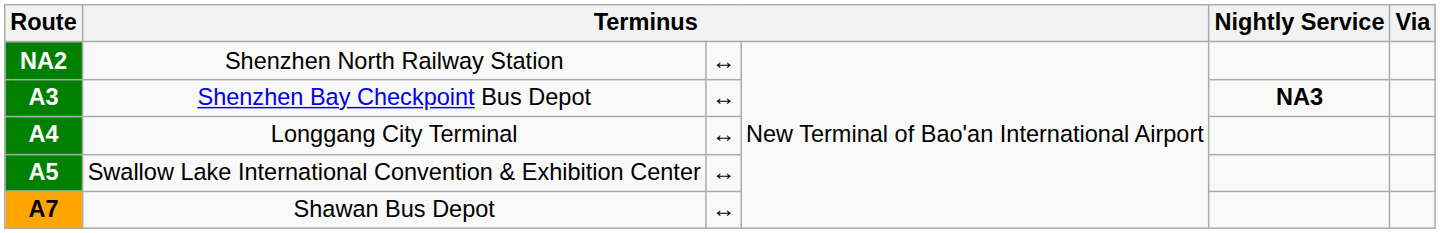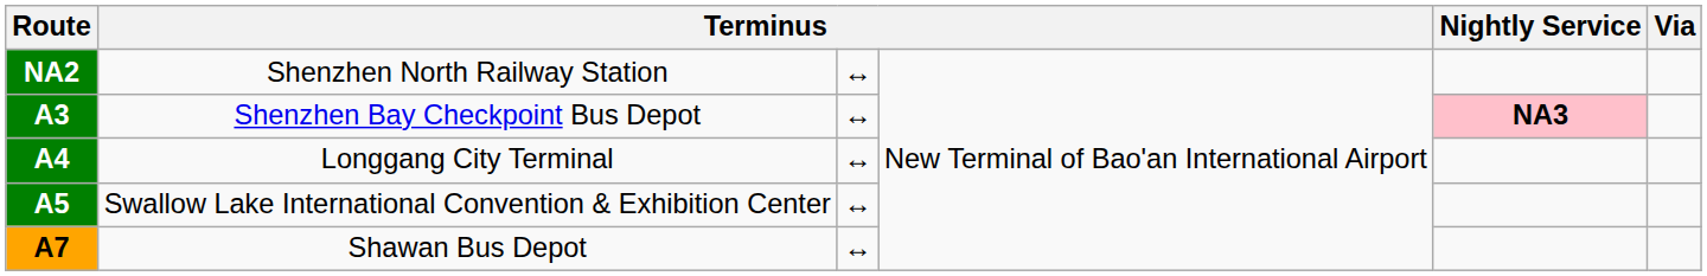 <table class="wikitable" style="text-align: center;">
 <tr>
 <th>Route</th>
 <th colspan="3">Terminus</th>
 <th>Nightly Service</th>
 <th>Via</th>
 </tr>
 <tr>
 <td style="background:green;color:white"><strong>NA2</strong></td>
 <td>Shenzhen North Railway Station</td>
 <td>↔</td>
 <td rowspan="5">New Terminal of Bao'an International Airport</td>
 <td></td>
 <td></td>
 </tr>
 <tr>
 <td style="background:green;color:white"><strong>A3</strong></td>
 <td><a href='#'>Shenzhen Bay Checkpoint</a> Bus Depot</td>
 <td>↔</td>
-<td><strong>NA3</strong></td>
+<td style="background: pink;"><strong>NA3</strong></td>
 <td></td>
 </tr>
 <tr>
 <td style="background:green;color:white"><strong>A4</strong></td>
 <td>Longgang City Terminal</td>
 <td>↔</td>
 <td></td>
 <td></td>
 </tr>
 <tr>
 <td style="background:green;color:white"><strong>A5</strong></td>
 <td>Swallow Lake International Convention & Exhibition Center</td>
 <td>↔</td>
 <td></td>
 <td></td>
 </tr>
 <tr>
 <td style="background:orange;color:black"><strong>A7</strong></td>
 <td>Shawan Bus Depot</td>
 <td>↔</td>
 <td></td>
 <td></td>
 </tr>
 </table>
